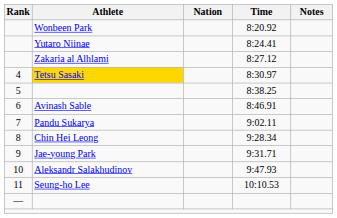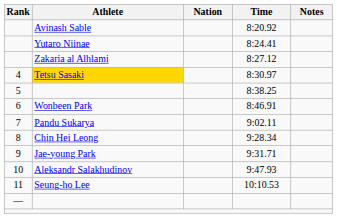 <table class="wikitable sortable" style="text-align:center;width: 60%;">
 <tr>
 <th scope="col" style="width: 10px;">Rank</th>
 <th scope="col">Athlete</th>
 <th scope="col">Nation</th>
 <th scope="col">Time</th>
 <th scope="col">Notes</th>
 </tr>
 <tr>
 <td></td>
-<td align="left"><a href='#'>Wonbeen Park</a></td>
+<td align="left"><a href='#'>Avinash Sable</a></td>
 <td align="left"></td>
 <td>8:20.92</td>
 <td></td>
 </tr>
 <tr>
 <td></td>
 <td align="left"><a href='#'>Yutaro Niinae</a></td>
 <td align="left"></td>
 <td>8:24.41</td>
 <td></td>
 </tr>
 <tr>
 <td></td>
 <td align="left"><a href='#'>Zakaria al Alhlami</a></td>
 <td align="left"></td>
 <td>8:27.12</td>
 <td></td>
 </tr>
 <tr>
 <td>4</td>
 <td align="left" style="background: gold;"><a href='#'>Tetsu Sasaki</a></td>
 <td align="left"></td>
 <td>8:30.97</td>
 <td></td>
 </tr>
 <tr>
 <td>5</td>
 <td align="left"></td>
 <td align="left"></td>
 <td>8:38.25</td>
 <td></td>
 </tr>
 <tr>
 <td>6</td>
-<td align="left"><a href='#'>Avinash Sable</a></td>
+<td align="left"><a href='#'>Wonbeen Park</a></td>
 <td align="left"></td>
 <td>8:46.91</td>
 <td></td>
 </tr>
 <tr>
 <td>7</td>
 <td align="left"><a href='#'>Pandu Sukarya</a></td>
 <td align="left"></td>
 <td>9:02.11</td>
 <td></td>
 </tr>
 <tr>
 <td>8</td>
 <td align="left"><a href='#'>Chin Hei Leong</a></td>
 <td align="left"></td>
 <td>9:28.34</td>
 <td></td>
 </tr>
 <tr>
 <td>9</td>
 <td align="left"><a href='#'>Jae-young Park</a></td>
 <td align="left"></td>
 <td>9:31.71</td>
 <td></td>
 </tr>
 <tr>
 <td>10</td>
 <td align="left"><a href='#'>Aleksandr Salakhudinov</a></td>
 <td align="left"></td>
 <td>9:47.93</td>
 <td></td>
 </tr>
 <tr>
 <td>11</td>
 <td align="left"><a href='#'>Seung-ho Lee</a></td>
 <td align="left"></td>
 <td>10:10.53</td>
 <td></td>
 </tr>
 <tr>
 <td>—</td>
 <td align="left"></td>
 <td align="left"></td>
 <td></td>
 <td></td>
 </tr>
 <tr class="sortbottom">
 <td colspan="5"></td>
 </tr>
 </table>
